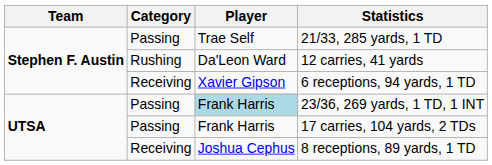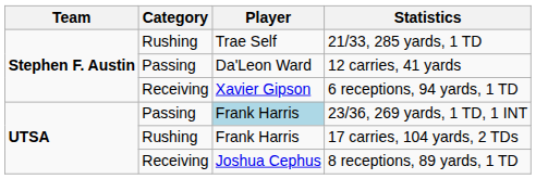 <table class="wikitable" style="float: left;">
 <tr>
 <th>Team</th>
 <th>Category</th>
 <th>Player</th>
 <th>Statistics</th>
 </tr>
 <tr>
 <td rowspan=3><strong>Stephen F. Austin</strong></td>
-<td>Passing</td>
+<td>Rushing</td>
 <td>Trae Self</td>
 <td>21/33, 285 yards, 1 TD</td>
 </tr>
 <tr>
-<td>Rushing</td>
+<td>Passing</td>
 <td>Da'Leon Ward</td>
 <td>12 carries, 41 yards</td>
 </tr>
 <tr>
 <td>Receiving</td>
 <td><a href='#'>Xavier Gipson</a></td>
 <td>6 receptions, 94 yards, 1 TD</td>
 </tr>
 <tr>
 <td rowspan=3><strong>UTSA</strong></td>
 <td>Passing</td>
 <td style="background: lightblue;">Frank Harris</td>
 <td>23/36, 269 yards, 1 TD, 1 INT</td>
 </tr>
 <tr>
-<td>Passing</td>
+<td>Rushing</td>
 <td>Frank Harris</td>
 <td>17 carries, 104 yards, 2 TDs</td>
 </tr>
 <tr>
 <td>Receiving</td>
 <td><a href='#'>Joshua Cephus</a></td>
 <td>8 receptions, 89 yards, 1 TD</td>
 </tr>
 </table>
